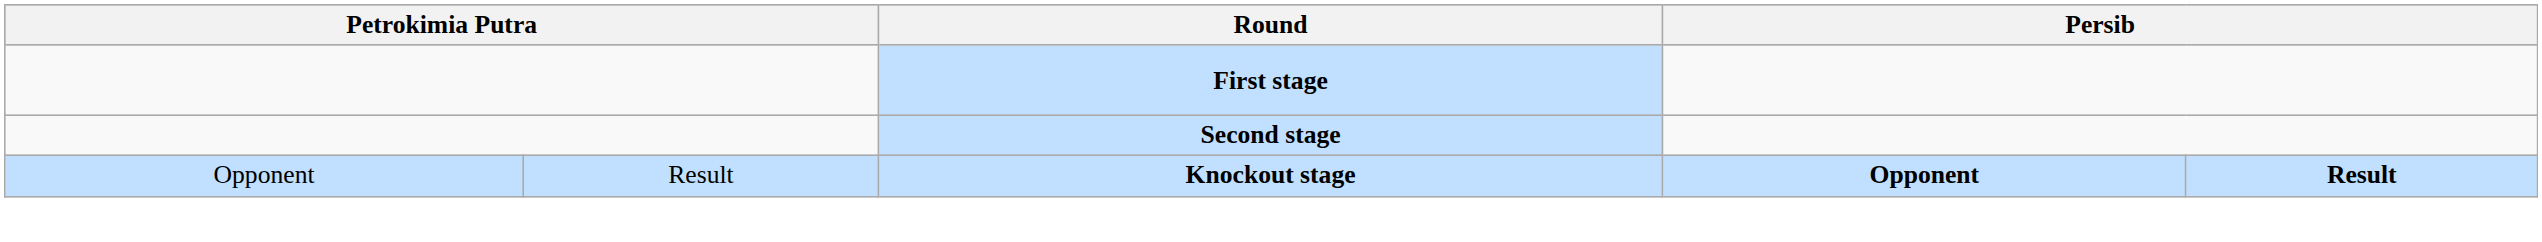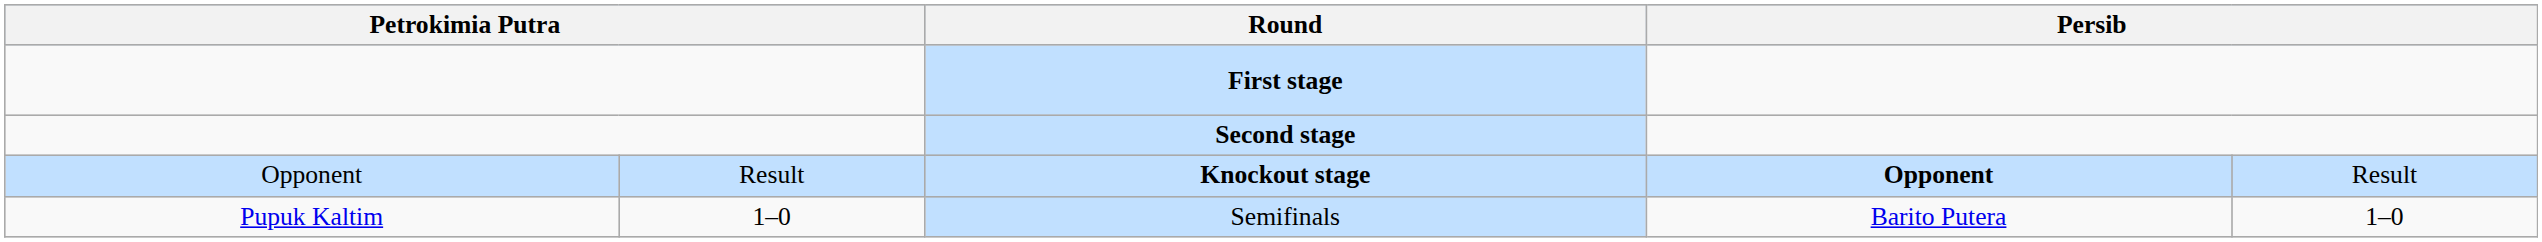 <table class="wikitable" width="100%" style="text-align:center">
 <tr valign=top bgcolor=#c1e0ff>
 <th colspan="2" style="width:1*">Petrokimia Putra</th>
 <th><strong>Round</strong></th>
 <th colspan="2" style="width:1*">Persib</th>
 </tr>
 <tr>
 <td colspan="2" align="center"><br><br></td>
 <td bgcolor=#c1e0ff><strong>First stage</strong></td>
 <td colspan="2" align="center"><br><br></td>
 </tr>
 <tr>
 <td colspan="2" align="center"><br> </td>
 <td bgcolor=#c1e0ff><strong>Second stage</strong></td>
 <td colspan="2" align="center"><br> </td>
 </tr>
 <tr valign=top bgcolor=#c1e0ff>
 <td>Opponent</td>
 <td>Result</td>
 <td bgcolor="#c1e0ff"><strong>Knockout stage</strong></td>
 <td><strong>Opponent</strong></td>
-<td><strong>Result</strong></td>
+<td>Result</td>
+</tr>
+<tr>
+<td><a href='#'>Pupuk Kaltim</a></td>
+<td>1–0</td>
+<td bgcolor=#c1e0ff>Semifinals</td>
+<td><a href='#'>Barito Putera</a></td>
+<td>1–0</td>
 </tr>
 </table>
